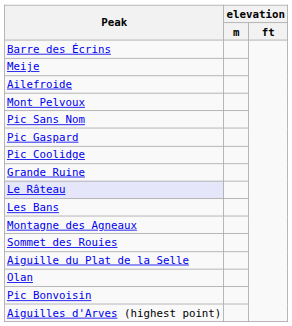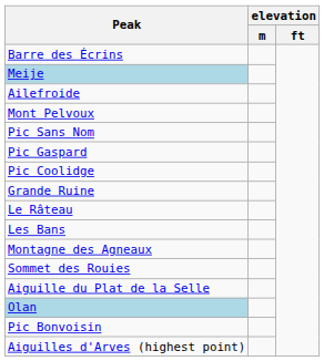 <table class="wikitable sortable" style="float:left; margin-right:0.5em">
 <tr>
 <th rowspan=2>Peak</th>
 <th colspan=2>elevation</th>
 </tr>
 <tr>
 <th>m</th>
 <th>ft</th>
 </tr>
 <tr>
 <td><a href='#'>Barre des Écrins</a></td>
 <td></td>
 </tr>
 <tr>
-<td><a href='#'>Meije</a></td>
+<td style="background: lightblue;"><a href='#'>Meije</a></td>
 <td></td>
 </tr>
 <tr>
 <td><a href='#'>Ailefroide</a></td>
 <td></td>
 </tr>
 <tr>
 <td><a href='#'>Mont Pelvoux</a></td>
 <td></td>
 </tr>
 <tr>
 <td><a href='#'>Pic Sans Nom</a></td>
 <td></td>
 </tr>
 <tr>
 <td><a href='#'>Pic Gaspard</a></td>
 <td></td>
 </tr>
 <tr>
 <td><a href='#'>Pic Coolidge</a></td>
 <td></td>
 </tr>
 <tr>
 <td><a href='#'>Grande Ruine</a></td>
 <td></td>
 </tr>
 <tr>
-<td style="background: lavender;"><a href='#'>Le Râteau</a></td>
+<td><a href='#'>Le Râteau</a></td>
 <td></td>
 </tr>
 <tr>
 <td><a href='#'>Les Bans</a></td>
 <td></td>
 </tr>
 <tr>
 <td><a href='#'>Montagne des Agneaux</a></td>
 <td></td>
 </tr>
 <tr>
 <td><a href='#'>Sommet des Rouies</a></td>
 <td></td>
 </tr>
 <tr>
 <td><a href='#'>Aiguille du Plat de la Selle</a></td>
 <td></td>
 </tr>
 <tr>
-<td><a href='#'>Olan</a></td>
+<td style="background: lightblue;"><a href='#'>Olan</a></td>
 <td></td>
 </tr>
 <tr>
 <td><a href='#'>Pic Bonvoisin</a></td>
 <td></td>
 </tr>
 <tr>
 <td><a href='#'>Aiguilles d'Arves</a> (highest point)</td>
 <td></td>
 </tr>
 </table>
